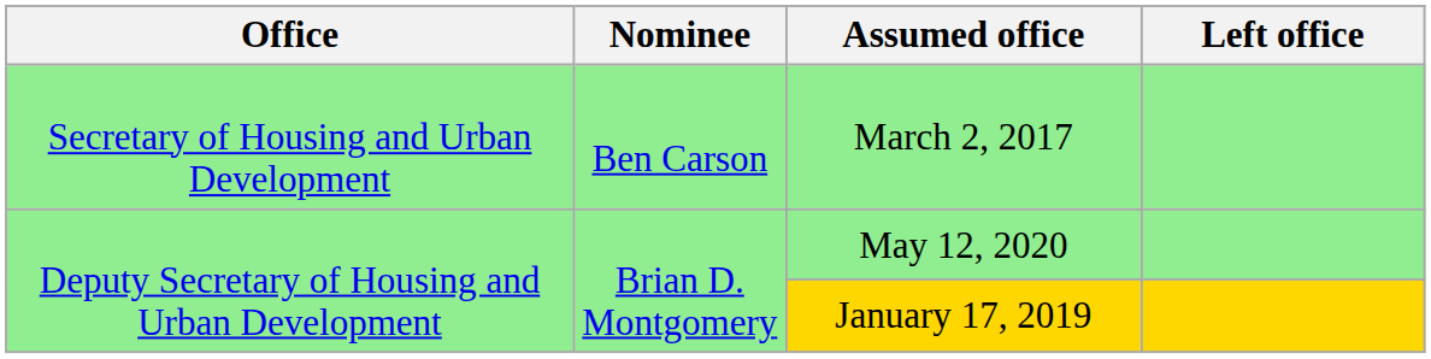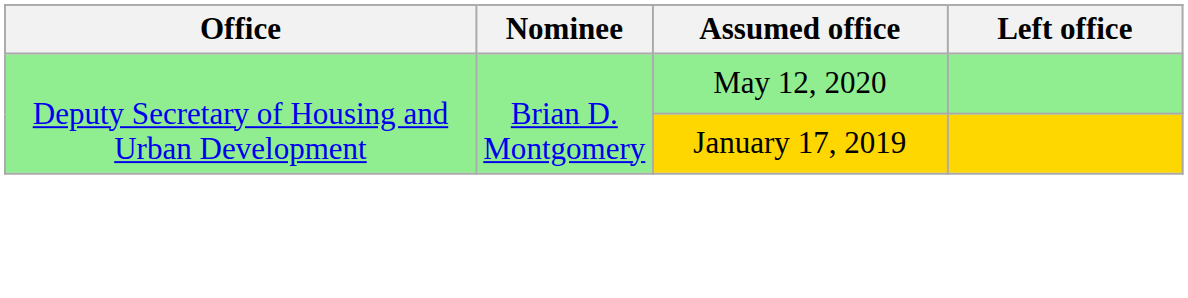 <table class="wikitable sortable" style="text-align:center">
 <tr>
 <th style="width:40%;">Office</th>
 <th style="width:15%;">Nominee</th>
 <th style="width:25%;" data-sort- type="date">Assumed office</th>
 <th style="width:20%;" data-sort- type="date">Left office</th>
-</tr>
-<tr style="background:lightgreen;">
-<td><br><a href='#'>Secretary of Housing and Urban Development</a></td>
-<td><br><a href='#'>Ben Carson</a></td>
-<td>March 2, 2017<br></td>
-<td></td>
 </tr>
 <tr style="background:lightgreen;">
 <td rowspan="2"><br><a href='#'>Deputy Secretary of Housing and Urban Development</a></td>
 <td rowspan="2"><br><a href='#'>Brian D. Montgomery</a></td>
 <td>May 12, 2020<br></td>
 <td></td>
 </tr>
 <tr>
 <td style="background:gold;">January 17, 2019</td>
 <td style="background:gold;"></td>
 </tr>
 </table>
